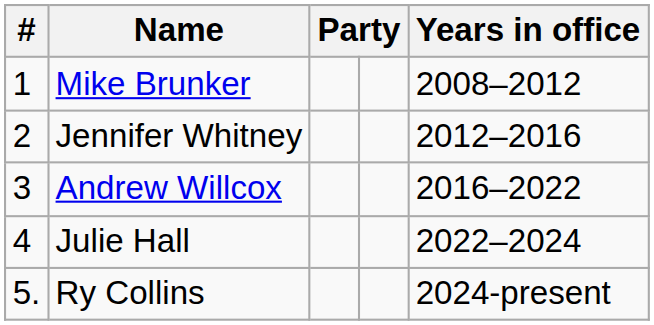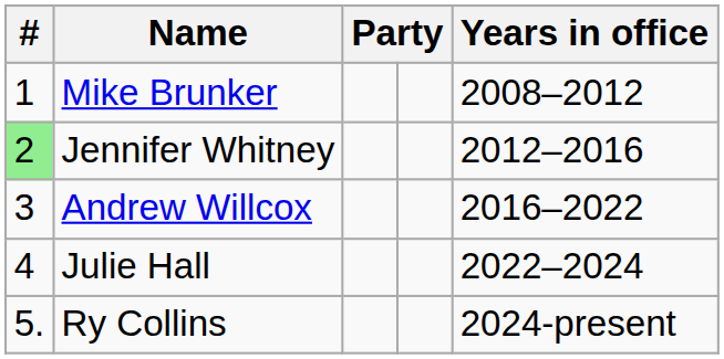 <table class="wikitable">
 <tr>
 <th>#</th>
 <th>Name</th>
 <th colspan="2">Party</th>
 <th>Years in office</th>
 </tr>
 <tr>
 <td>1</td>
 <td><a href='#'>Mike Brunker</a></td>
 <td></td>
 <td></td>
 <td>2008–2012</td>
 </tr>
 <tr>
-<td>2</td>
+<td style="background: lightgreen;">2</td>
 <td>Jennifer Whitney</td>
 <td></td>
 <td></td>
 <td>2012–2016</td>
 </tr>
 <tr>
 <td>3</td>
 <td><a href='#'>Andrew Willcox</a></td>
 <td></td>
 <td></td>
 <td>2016–2022</td>
 </tr>
 <tr>
 <td>4</td>
 <td>Julie Hall</td>
 <td></td>
 <td></td>
 <td>2022–2024</td>
 </tr>
 <tr>
 <td>5.</td>
 <td>Ry Collins</td>
 <td></td>
 <td></td>
 <td>2024-present</td>
 </tr>
 </table>
